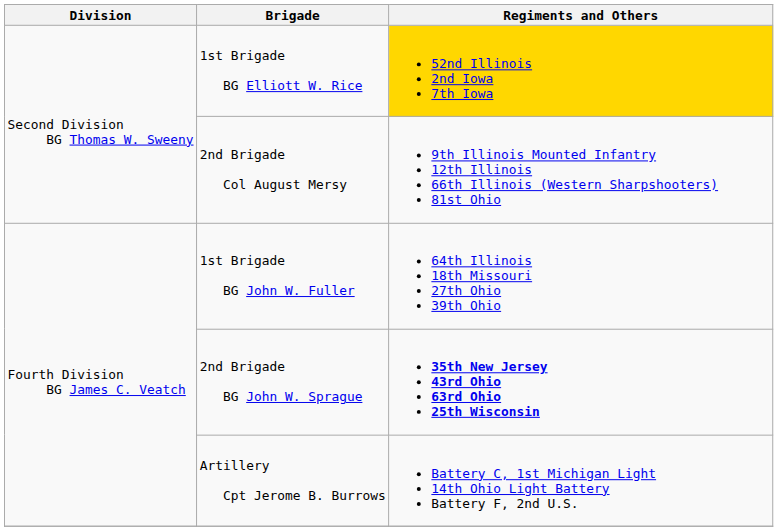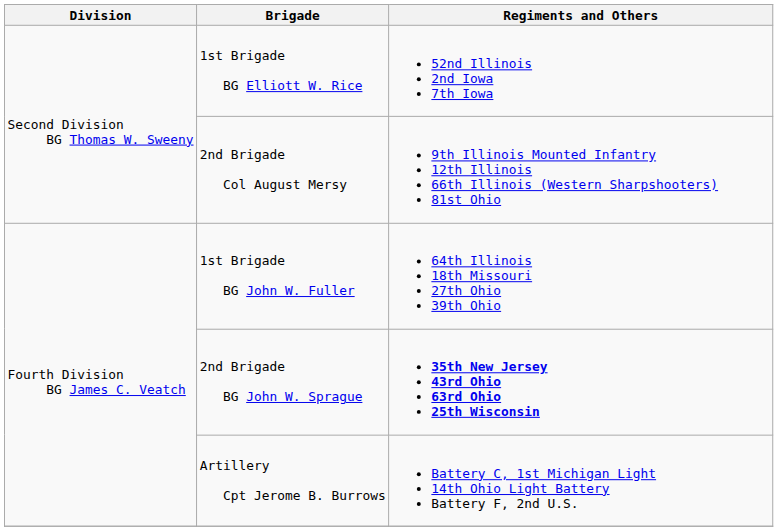 <table class="wikitable">
 <tr>
 <th width=25%>Division</th>
 <th width=25%>Brigade</th>
 <th>Regiments and Others</th>
 </tr>
 <tr>
 <td rowspan=2><br>Second Division <br>     BG <a href='#'>Thomas W. Sweeny</a><br></td>
 <td>1st Brigade<br><br>   BG <a href='#'>Elliott W. Rice</a></td>
-<td style="background: gold;"><br><ul><li><a href='#'>52nd Illinois</a></li><li><a href='#'>2nd Iowa</a></li><li><a href='#'>7th Iowa</a></li></ul></td>
+<td><br><ul><li><a href='#'>52nd Illinois</a></li><li><a href='#'>2nd Iowa</a></li><li><a href='#'>7th Iowa</a></li></ul></td>
 </tr>
 <tr>
 <td>2nd Brigade<br><br>   Col August Mersy</td>
 <td><br><ul><li><a href='#'>9th Illinois Mounted Infantry</a></li><li><a href='#'>12th Illinois</a></li><li><a href='#'>66th Illinois (Western Sharpshooters)</a></li><li><a href='#'>81st Ohio</a></li></ul></td>
 </tr>
 <tr>
 <td rowspan=3><br>Fourth Division <br>     BG <a href='#'>James C. Veatch</a><br></td>
 <td>1st Brigade<br><br>   BG <a href='#'>John W. Fuller</a></td>
 <td><br><ul><li><a href='#'>64th Illinois</a></li><li><a href='#'>18th Missouri</a></li><li><a href='#'>27th Ohio</a></li><li><a href='#'>39th Ohio</a></li></ul></td>
 </tr>
 <tr>
 <td>2nd Brigade<br><br>   BG <a href='#'>John W. Sprague</a></td>
 <td><strong><br><ul><li><a href='#'>35th New Jersey</a></li><li><a href='#'>43rd Ohio</a></li><li><a href='#'>63rd Ohio</a></li><li><a href='#'>25th Wisconsin</a></li></ul></strong></td>
 </tr>
 <tr>
 <td>Artillery<br><br>   Cpt Jerome B. Burrows</td>
 <td><br><ul><li><a href='#'>Battery C, 1st Michigan Light</a></li><li><a href='#'>14th Ohio Light Battery</a></li><li>Battery F, 2nd U.S.</li></ul></td>
 </tr>
 <tr>
 </tr>
 </table>
